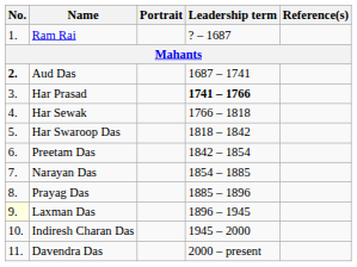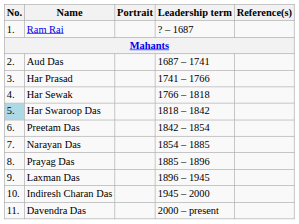 <table class="wikitable">
 <tr>
 <th>No.</th>
 <th>Name<br></th>
 <th>Portrait</th>
 <th>Leadership term</th>
 <th>Reference(s)</th>
 </tr>
 <tr>
 <td>1.</td>
 <td><a href='#'>Ram Rai</a></td>
 <td></td>
 <td>? – 1687</td>
 <td></td>
 </tr>
 <tr>
 <th colspan="5"><a href='#'>Mahants</a></th>
 </tr>
 <tr>
-<td><strong>2.</strong></td>
+<td>2.</td>
 <td>Aud Das</td>
 <td></td>
 <td>1687 – 1741</td>
 <td></td>
 </tr>
 <tr>
 <td>3.</td>
 <td>Har Prasad</td>
 <td></td>
-<td><strong>1741 – 1766</strong></td>
+<td>1741 – 1766</td>
 <td></td>
 </tr>
 <tr>
 <td>4.</td>
 <td>Har Sewak</td>
 <td></td>
 <td>1766 – 1818</td>
 <td></td>
 </tr>
 <tr>
-<td>5.</td>
+<td style="background: lightblue;">5.</td>
 <td>Har Swaroop Das</td>
 <td></td>
 <td>1818 – 1842</td>
 <td></td>
 </tr>
 <tr>
 <td>6.</td>
 <td>Preetam Das</td>
 <td></td>
 <td>1842 – 1854</td>
 <td></td>
 </tr>
 <tr>
 <td>7.</td>
 <td>Narayan Das</td>
 <td></td>
 <td>1854 – 1885</td>
 <td></td>
 </tr>
 <tr>
 <td>8.</td>
 <td>Prayag Das</td>
 <td></td>
 <td>1885 – 1896</td>
 <td></td>
 </tr>
 <tr>
-<td style="background: lightyellow;">9.</td>
+<td>9.</td>
 <td>Laxman Das</td>
 <td></td>
 <td>1896 – 1945</td>
 <td></td>
 </tr>
 <tr>
 <td>10.</td>
 <td>Indiresh Charan Das<br></td>
 <td></td>
 <td>1945 – 2000</td>
 <td></td>
 </tr>
 <tr>
 <td>11.</td>
 <td>Davendra Das</td>
 <td></td>
 <td>2000 – present</td>
 <td></td>
 </tr>
 </table>
